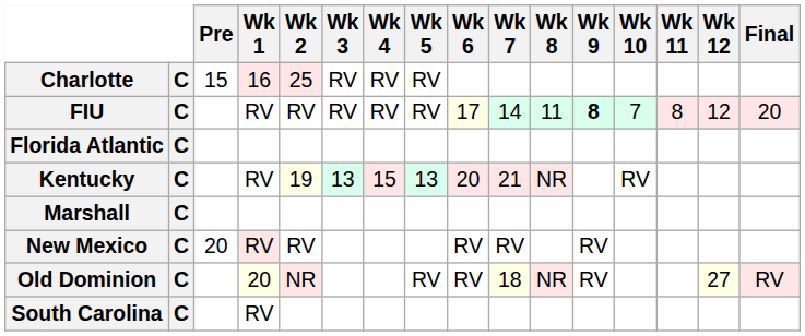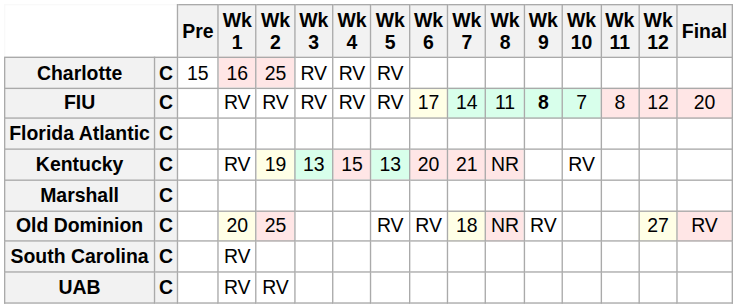 <table class="wikitable" style="white-space:nowrap;font-size:90%;">
 <tr>
 <th colspan=2 style="background:white; border-top-style:hidden; border-left-style:hidden;"> </th>
 <th>Pre</th>
 <th>Wk<br>1</th>
 <th>Wk<br>2</th>
 <th>Wk<br>3</th>
 <th>Wk<br>4</th>
 <th>Wk<br>5</th>
 <th>Wk<br>6</th>
 <th>Wk<br>7</th>
 <th>Wk<br>8</th>
 <th>Wk<br>9</th>
 <th>Wk<br>10</th>
 <th>Wk<br>11</th>
 <th>Wk<br>12</th>
 <th>Final</th>
 </tr>
 <tr style="text-align:center;">
 <th>Charlotte</th>
 <th>C</th>
 <td style="background:#FFF;"> 15</td>
 <td style="background:#FFE6E6;"> 16</td>
 <td style="background:#FFE6E6;"> 25</td>
 <td style="background:#FFF;"> RV</td>
 <td style="background:#FFF;"> RV</td>
 <td style="background:#FFF;"> RV</td>
 <td style="background:#FFF;"></td>
 <td style="background:#FFF;"></td>
 <td style="background:#FFF;"></td>
 <td style="background:#FFF;"></td>
 <td style="background:#FFF;"></td>
 <td style="background:#FFF;"></td>
 <td style="background:#FFF;"></td>
 <td style="background:#FFF;"></td>
 </tr>
 <tr style="text-align:center;">
 <th>FIU</th>
 <th>C</th>
 <td style="background:#FFF;"></td>
 <td style="background:#FFF;"> RV</td>
 <td style="background:#FFF;"> RV</td>
 <td style="background:#FFF;"> RV</td>
 <td style="background:#FFF;"> RV</td>
 <td style="background:#FFF;"> RV</td>
 <td style="background:#FFFFE6;"> 17</td>
 <td style="background:#D8FFEB;"> 14</td>
 <td style="background:#D8FFEB;"> 11</td>
 <td style="background:#D8FFEB;"><strong> 8</strong></td>
 <td style="background:#D8FFEB;"> 7</td>
 <td style="background:#FFE6E6;"> 8</td>
 <td style="background:#FFE6E6;"> 12</td>
 <td style="background:#FFE6E6;"> 20</td>
 </tr>
 <tr style="text-align:center;">
 <th>Florida Atlantic</th>
 <th>C</th>
 <td style="background:#FFF;"></td>
 <td style="background:#FFF;"></td>
 <td style="background:#FFF;"></td>
 <td style="background:#FFF;"></td>
 <td style="background:#FFF;"></td>
 <td style="background:#FFF;"></td>
 <td style="background:#FFF;"></td>
 <td style="background:#FFF;"></td>
 <td style="background:#FFF;"></td>
 <td style="background:#FFF;"></td>
 <td style="background:#FFF;"></td>
 <td style="background:#FFF;"></td>
 <td style="background:#FFF;"></td>
 <td style="background:#FFF;"></td>
 </tr>
 <tr style="text-align:center;">
 <th>Kentucky</th>
 <th>C</th>
 <td style="background:#FFF;"></td>
 <td style="background:#FFF;"> RV</td>
 <td style="background:#FFFFE6;"> 19</td>
 <td style="background:#D8FFEB;"> 13</td>
 <td style="background:#FFE6E6;"> 15</td>
 <td style="background:#D8FFEB;"> 13</td>
 <td style="background:#FFE6E6;"> 20</td>
 <td style="background:#FFE6E6;"> 21</td>
 <td style="background:#FFE6E6;"> NR</td>
 <td style="background:#FFF;"></td>
 <td style="background:#FFF;"> RV</td>
 <td style="background:#FFF;"></td>
 <td style="background:#FFF;"></td>
 <td style="background:#FFF;"></td>
 </tr>
 <tr style="text-align:center;">
 <th>Marshall</th>
 <th>C</th>
 <td style="background:#FFF;"></td>
 <td style="background:#FFF;"></td>
 <td style="background:#FFF;"></td>
 <td style="background:#FFF;"></td>
 <td style="background:#FFF;"></td>
 <td style="background:#FFF;"></td>
 <td style="background:#FFF;"></td>
 <td style="background:#FFF;"></td>
 <td style="background:#FFF;"></td>
 <td style="background:#FFF;"></td>
 <td style="background:#FFF;"></td>
 <td style="background:#FFF;"></td>
 <td style="background:#FFF;"></td>
 <td style="background:#FFF;"></td>
 </tr>
 <tr style="text-align:center;">
-<th>New Mexico</th>
-<th>C</th>
-<td style="background:#FFF;"> 20</td>
-<td style="background:#FFE6E6;"> RV</td>
-<td style="background:#FFF;"> RV</td>
-<td style="background:#FFF;"></td>
-<td style="background:#FFF;"></td>
-<td style="background:#FFF;"></td>
-<td style="background:#FFF;"> RV</td>
-<td style="background:#FFF;"> RV</td>
-<td style="background:#FFF;"></td>
-<td style="background:#FFF;"> RV</td>
-<td style="background:#FFF;"></td>
-<td style="background:#FFF;"></td>
-<td style="background:#FFF;"></td>
-<td style="background:#FFF;"></td>
-</tr>
-<tr style="text-align:center;">
 <th>Old Dominion</th>
 <th>C</th>
 <td style="background:#FFF;"></td>
 <td style="background:#FFFFE6;"> 20</td>
-<td style="background:#FFE6E6;"> NR</td>
+<td style="background:#FFE6E6;"> 25</td>
 <td style="background:#FFF;"></td>
 <td style="background:#FFF;"></td>
 <td style="background:#FFF;"> RV</td>
 <td style="background:#FFF;"> RV</td>
 <td style="background:#FFFFE6;"> 18</td>
 <td style="background:#FFE6E6;"> NR</td>
 <td style="background:#FFF;"> RV</td>
 <td style="background:#FFF;"></td>
 <td style="background:#FFF;"></td>
 <td style="background:#FFFFE6;"> 27</td>
 <td style="background:#FFE6E6;"> RV</td>
 </tr>
 <tr style="text-align:center;">
 <th>South Carolina</th>
 <th>C</th>
 <td style="background:#FFF;"></td>
 <td style="background:#FFF;"> RV</td>
 <td style="background:#FFF;"></td>
 <td style="background:#FFF;"></td>
 <td style="background:#FFF;"></td>
 <td style="background:#FFF;"></td>
 <td style="background:#FFF;"></td>
 <td style="background:#FFF;"></td>
 <td style="background:#FFF;"></td>
 <td style="background:#FFF;"></td>
 <td style="background:#FFF;"></td>
 <td style="background:#FFF;"></td>
 <td style="background:#FFF;"></td>
 <td style="background:#FFF;"></td>
 </tr>
+<tr style="text-align:center;">
+<th>UAB</th>
+<th>C</th>
+<td style="background:#FFF;"></td>
+<td style="background:#FFF;"> RV</td>
+<td style="background:#FFF;"> RV</td>
+<td style="background:#FFF;"></td>
+<td style="background:#FFF;"></td>
+<td style="background:#FFF;"></td>
+<td style="background:#FFF;"></td>
+<td style="background:#FFF;"></td>
+<td style="background:#FFF;"></td>
+<td style="background:#FFF;"></td>
+<td style="background:#FFF;"></td>
+<td style="background:#FFF;"></td>
+<td style="background:#FFF;"></td>
+<td style="background:#FFF;"></td>
+</tr>
 </table>
